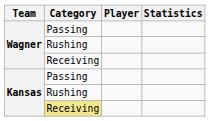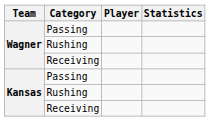 <table class="wikitable" style="float:right">
 <tr>
 <th>Team</th>
 <th>Category</th>
 <th>Player</th>
 <th>Statistics</th>
 </tr>
 <tr>
 <th rowspan=3>Wagner</th>
 <td>Passing</td>
 <td></td>
 <td></td>
 </tr>
 <tr>
 <td>Rushing</td>
 <td></td>
 <td></td>
 </tr>
 <tr>
 <td>Receiving</td>
 <td></td>
 <td></td>
 </tr>
 <tr>
 <th rowspan=3>Kansas</th>
 <td>Passing</td>
 <td></td>
 <td></td>
 </tr>
 <tr>
 <td>Rushing</td>
 <td></td>
 <td></td>
 </tr>
 <tr>
-<td style="background: khaki;">Receiving</td>
+<td>Receiving</td>
 <td></td>
 <td></td>
 </tr>
 </table>
